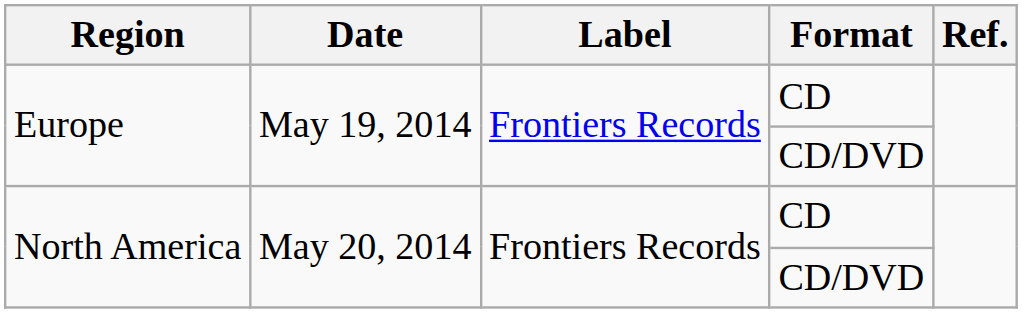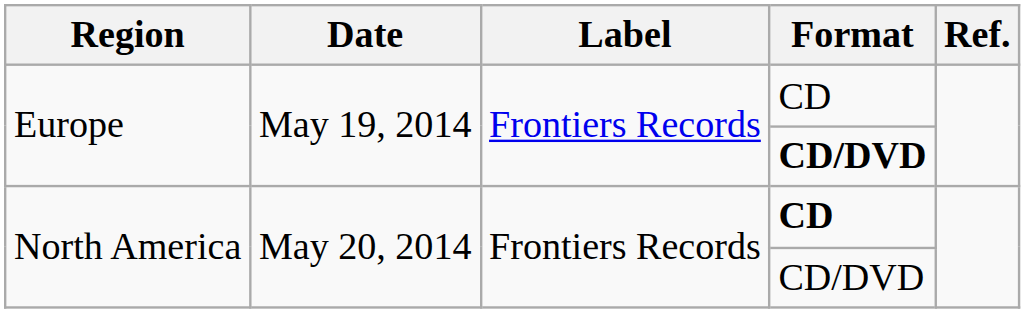 <table class="wikitable">
 <tr>
 <th>Region</th>
 <th>Date</th>
 <th>Label</th>
 <th>Format</th>
 <th>Ref.</th>
 </tr>
 <tr>
 <td rowspan="2">Europe</td>
 <td rowspan="2">May 19, 2014</td>
 <td rowspan="2"><a href='#'>Frontiers Records</a></td>
 <td>CD</td>
 <td rowspan="2" align="center"></td>
 </tr>
 <tr>
-<td>CD/DVD</td>
+<td><strong>CD/DVD</strong></td>
 </tr>
 <tr>
 <td rowspan="2">North America</td>
 <td rowspan="2">May 20, 2014</td>
 <td rowspan="2">Frontiers Records</td>
-<td>CD</td>
+<td><strong>CD</strong></td>
 <td rowspan="2" align="center"></td>
 </tr>
 <tr>
 <td>CD/DVD</td>
 </tr>
 </table>
